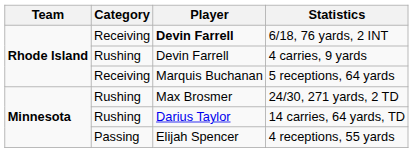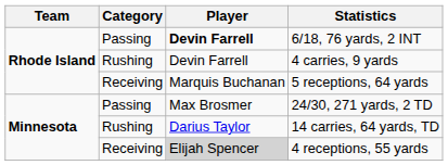 <table class="wikitable" style="float: right;">
 <tr>
 <th>Team</th>
 <th>Category</th>
 <th>Player</th>
 <th>Statistics</th>
 </tr>
 <tr>
 <td rowspan=3><strong>Rhode Island</strong></td>
-<td>Receiving</td>
+<td>Passing</td>
 <td><strong>Devin Farrell</strong></td>
 <td>6/18, 76 yards, 2 INT</td>
 </tr>
 <tr>
 <td>Rushing</td>
 <td>Devin Farrell</td>
 <td>4 carries, 9 yards</td>
 </tr>
 <tr>
 <td>Receiving</td>
 <td>Marquis Buchanan</td>
 <td>5 receptions, 64 yards</td>
 </tr>
 <tr>
 <td rowspan=3><strong>Minnesota</strong></td>
-<td>Rushing</td>
+<td>Passing</td>
 <td>Max Brosmer</td>
 <td>24/30, 271 yards, 2 TD</td>
 </tr>
 <tr>
 <td>Rushing</td>
 <td><a href='#'>Darius Taylor</a></td>
 <td>14 carries, 64 yards, TD</td>
 </tr>
 <tr>
-<td>Passing</td>
-<td>Elijah Spencer</td>
+<td>Receiving</td>
+<td style="background: lightgrey;">Elijah Spencer</td>
 <td>4 receptions, 55 yards</td>
 </tr>
 </table>
